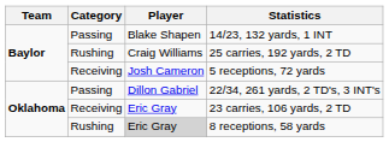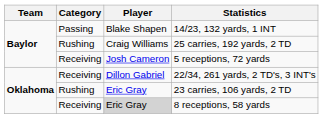 <table class="wikitable" style="float: right;">
 <tr>
 <th>Team</th>
 <th>Category</th>
 <th>Player</th>
 <th>Statistics</th>
 </tr>
 <tr>
 <td rowspan=3><strong>Baylor</strong></td>
 <td>Passing</td>
 <td>Blake Shapen</td>
 <td>14/23, 132 yards, 1 INT</td>
 </tr>
 <tr>
 <td>Rushing</td>
 <td>Craig Williams</td>
 <td>25 carries, 192 yards, 2 TD</td>
 </tr>
 <tr>
 <td>Receiving</td>
 <td><a href='#'>Josh Cameron</a></td>
 <td>5 receptions, 72 yards</td>
 </tr>
 <tr>
 <td rowspan=3><strong>Oklahoma</strong></td>
-<td>Passing</td>
+<td>Receiving</td>
 <td><a href='#'>Dillon Gabriel</a></td>
 <td>22/34, 261 yards, 2 TD's, 3 INT's</td>
 </tr>
 <tr>
-<td>Receiving</td>
+<td>Rushing</td>
 <td><a href='#'>Eric Gray</a></td>
 <td>23 carries, 106 yards, 2 TD</td>
 </tr>
 <tr>
-<td>Rushing</td>
+<td>Receiving</td>
 <td style="background: lightgrey;">Eric Gray</td>
 <td>8 receptions, 58 yards</td>
 </tr>
 </table>
